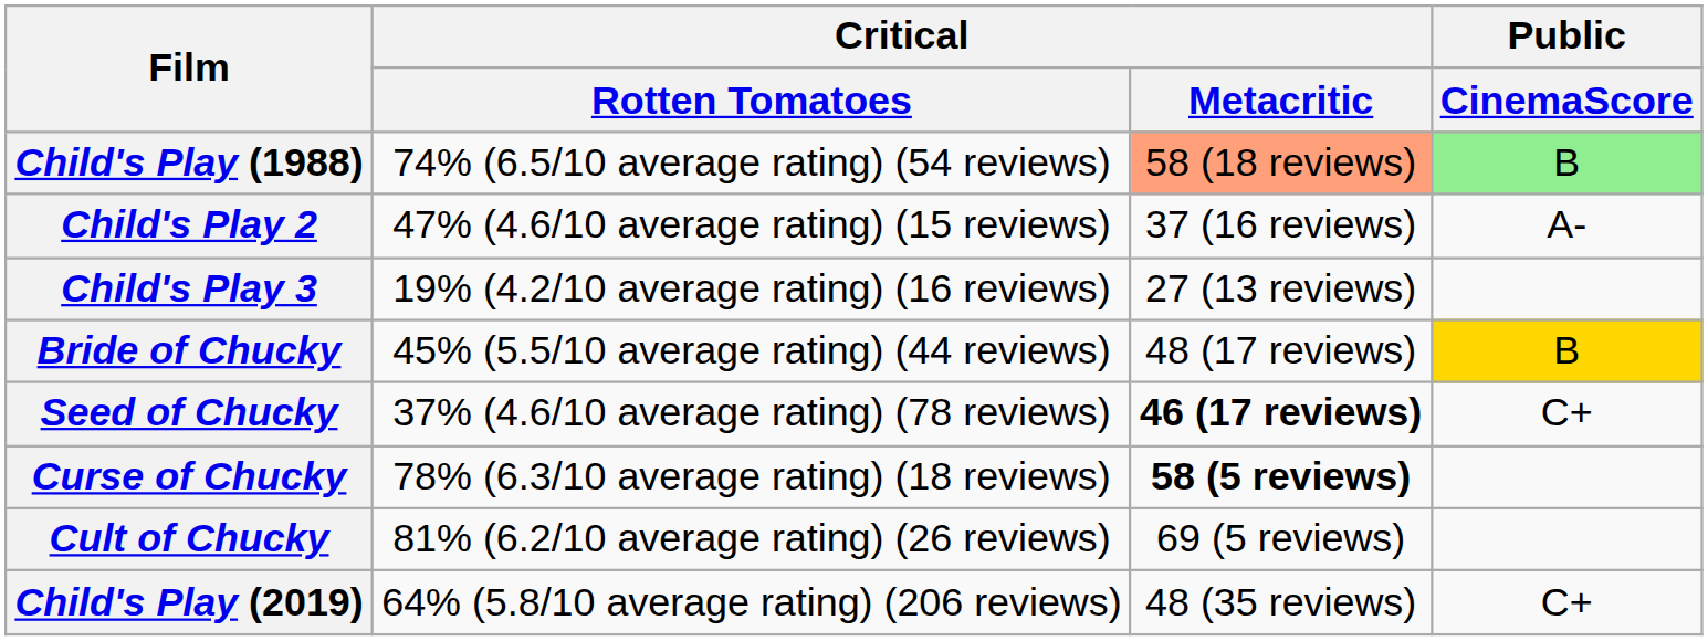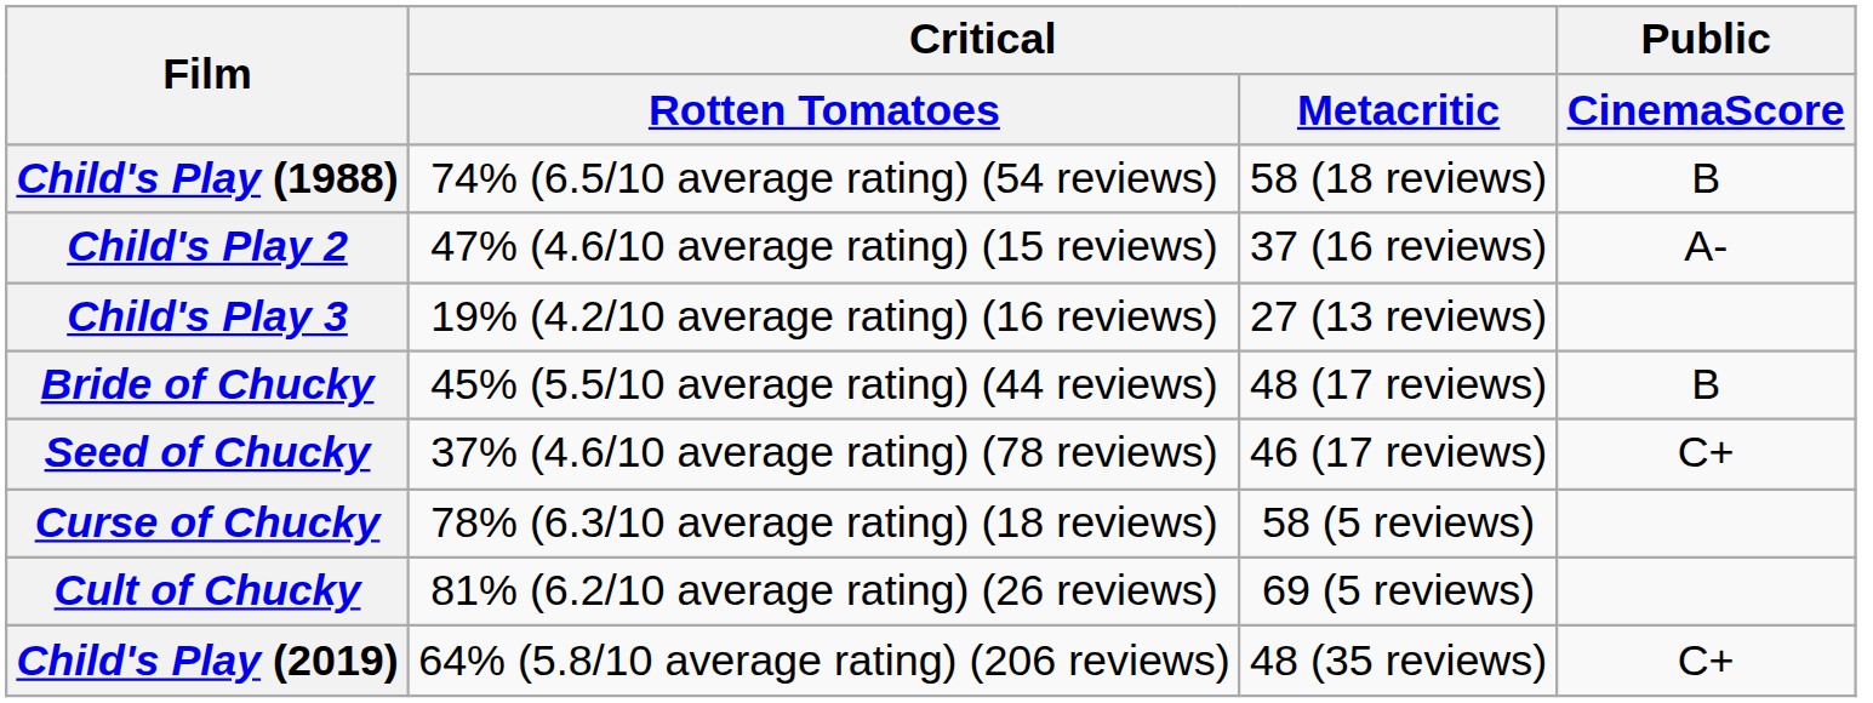 <table class="wikitable plainrowheaders" style="text-align:center;">
 <tr>
 <th scope="col" rowspan="2">Film</th>
 <th scope="col" colspan="2">Critical</th>
 <th colspan="2" scope="col">Public</th>
 </tr>
 <tr>
 <th scope="col"><a href='#'>Rotten Tomatoes</a></th>
 <th scope="col"><a href='#'>Metacritic</a></th>
 <th scope="col"><a href='#'>CinemaScore</a></th>
 </tr>
 <tr>
 <th scope="row"><em><a href='#'>Child's Play</a></em> (1988)</th>
 <td>74% (6.5/10 average rating) (54 reviews)</td>
-<td style="background: lightsalmon;">58 (18 reviews)</td>
-<td style="background: lightgreen;">B</td>
+<td>58 (18 reviews)</td>
+<td>B</td>
 </tr>
 <tr>
 <th scope="row"><em><a href='#'>Child's Play 2</a></em></th>
 <td>47% (4.6/10 average rating) (15 reviews)</td>
 <td>37 (16 reviews)</td>
 <td>A-</td>
 </tr>
 <tr>
 <th scope="row"><em><a href='#'>Child's Play 3</a></em></th>
 <td>19% (4.2/10 average rating) (16 reviews)</td>
 <td>27 (13 reviews)</td>
 <td></td>
 </tr>
 <tr>
 <th scope="row"><em><a href='#'>Bride of Chucky</a></em></th>
 <td>45% (5.5/10 average rating) (44 reviews)</td>
 <td>48 (17 reviews)</td>
-<td style="background: gold;">B</td>
+<td>B</td>
 </tr>
 <tr>
 <th scope="row"><em><a href='#'>Seed of Chucky</a></em></th>
 <td>37% (4.6/10 average rating) (78 reviews)</td>
-<td><strong>46 (17 reviews)</strong></td>
+<td>46 (17 reviews)</td>
 <td>C+</td>
 </tr>
 <tr>
 <th scope="row"><em><a href='#'>Curse of Chucky</a></em></th>
 <td>78% (6.3/10 average rating) (18 reviews)</td>
-<td><strong>58 (5 reviews)</strong></td>
+<td>58 (5 reviews)</td>
 <td></td>
 </tr>
 <tr>
 <th scope="row"><em><a href='#'>Cult of Chucky</a></em></th>
 <td>81% (6.2/10 average rating) (26 reviews)</td>
 <td>69 (5 reviews)</td>
 <td></td>
 </tr>
 <tr>
 <th scope="row"><em><a href='#'>Child's Play</a></em> (2019)</th>
 <td>64% (5.8/10 average rating) (206 reviews)</td>
 <td>48 (35 reviews)</td>
 <td>C+</td>
 </tr>
 </table>
